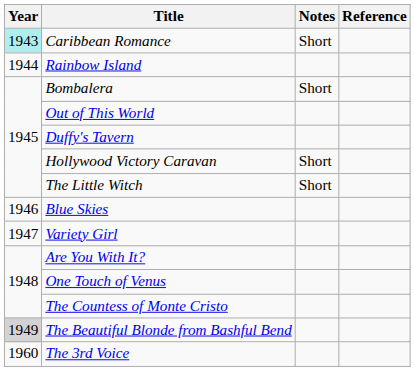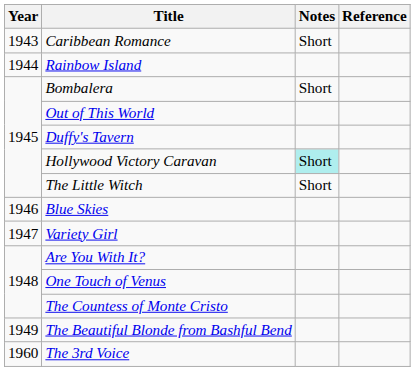 <table class="wikitable">
 <tr>
 <th>Year</th>
 <th>Title</th>
 <th>Notes</th>
 <th>Reference</th>
 </tr>
 <tr>
-<td style="background: paleturquoise;">1943</td>
+<td>1943</td>
 <td><em>Caribbean Romance</em></td>
 <td>Short</td>
 <td></td>
 </tr>
 <tr>
 <td>1944</td>
 <td><em><a href='#'>Rainbow Island</a></em></td>
 <td></td>
 <td></td>
 </tr>
 <tr>
 <td rowspan=5>1945</td>
 <td><em>Bombalera</em></td>
 <td>Short</td>
 <td></td>
 </tr>
 <tr>
 <td><em><a href='#'>Out of This World</a></em></td>
 <td></td>
 <td></td>
 </tr>
 <tr>
 <td><em><a href='#'>Duffy's Tavern</a></em></td>
 <td></td>
 <td></td>
 </tr>
 <tr>
 <td><em>Hollywood Victory Caravan</em></td>
-<td>Short</td>
+<td style="background: paleturquoise;">Short</td>
 <td></td>
 </tr>
 <tr>
 <td><em>The Little Witch</em></td>
 <td>Short</td>
 <td></td>
 </tr>
 <tr>
 <td>1946</td>
 <td><em><a href='#'>Blue Skies</a></em></td>
 <td></td>
 <td></td>
 </tr>
 <tr>
 <td>1947</td>
 <td><em><a href='#'>Variety Girl</a></em></td>
 <td></td>
 <td></td>
 </tr>
 <tr>
 <td rowspan=3>1948</td>
 <td><em><a href='#'>Are You With It?</a></em></td>
 <td></td>
 <td></td>
 </tr>
 <tr>
 <td><em><a href='#'>One Touch of Venus</a></em></td>
 <td></td>
 <td></td>
 </tr>
 <tr>
 <td><em><a href='#'>The Countess of Monte Cristo</a></em></td>
 <td></td>
 <td></td>
 </tr>
 <tr>
-<td style="background: lightgrey;">1949</td>
+<td>1949</td>
 <td><em><a href='#'>The Beautiful Blonde from Bashful Bend</a></em></td>
 <td></td>
 <td></td>
 </tr>
 <tr>
 <td>1960</td>
 <td><em><a href='#'>The 3rd Voice</a></em></td>
 <td></td>
 <td></td>
 </tr>
 </table>
